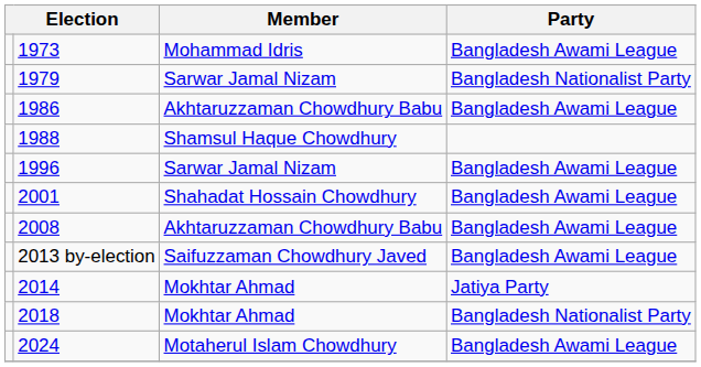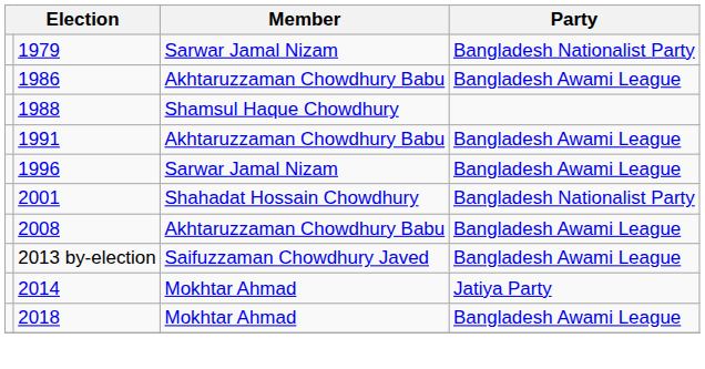 <table class="wikitable">
 <tr>
 <th colspan="2">Election</th>
 <th>Member</th>
 <th>Party</th>
-</tr>
-<tr>
-<td style="background-color:"></td>
-<td><a href='#'>1973</a></td>
-<td><a href='#'>Mohammad Idris</a></td>
-<td><a href='#'>Bangladesh Awami League</a></td>
 </tr>
 <tr>
 <td style="background-color:"></td>
 <td><a href='#'>1979</a></td>
 <td><a href='#'>Sarwar Jamal Nizam</a></td>
 <td><a href='#'>Bangladesh Nationalist Party</a></td>
 </tr>
 <tr>
 <td style="background-color:"></td>
 <td><a href='#'>1986</a></td>
 <td><a href='#'>Akhtaruzzaman Chowdhury Babu</a></td>
 <td><a href='#'>Bangladesh Awami League</a></td>
 </tr>
 <tr>
 <td></td>
 <td><a href='#'>1988</a></td>
 <td><a href='#'>Shamsul Haque Chowdhury</a></td>
 <td></td>
 </tr>
 <tr>
 <td style="background-color:"></td>
+<td><a href='#'>1991</a></td>
+<td><a href='#'>Akhtaruzzaman Chowdhury Babu</a></td>
+<td><a href='#'>Bangladesh Awami League</a></td>
+</tr>
+<tr>
+<td style="background-color:"></td>
 <td><a href='#'>1996</a></td>
 <td><a href='#'>Sarwar Jamal Nizam</a></td>
 <td><a href='#'>Bangladesh Awami League</a></td>
 </tr>
 <tr>
 <td style="background-color:"></td>
 <td><a href='#'>2001</a></td>
 <td><a href='#'>Shahadat Hossain Chowdhury</a></td>
-<td><a href='#'>Bangladesh Awami League</a></td>
+<td><a href='#'>Bangladesh Nationalist Party</a></td>
 </tr>
 <tr>
 <td style="background-color:"></td>
 <td><a href='#'>2008</a></td>
 <td><a href='#'>Akhtaruzzaman Chowdhury Babu</a></td>
 <td><a href='#'>Bangladesh Awami League</a></td>
 </tr>
 <tr>
 <td style="background-color:"></td>
 <td>2013 by-election</td>
 <td><a href='#'>Saifuzzaman Chowdhury Javed</a></td>
 <td><a href='#'>Bangladesh Awami League</a></td>
 </tr>
 <tr>
 <td style="background-color:"></td>
 <td><a href='#'>2014</a></td>
 <td><a href='#'>Mokhtar Ahmad</a></td>
 <td><a href='#'>Jatiya Party</a></td>
 </tr>
 <tr>
 <td style="background-color:"></td>
 <td><a href='#'>2018</a></td>
 <td><a href='#'>Mokhtar Ahmad</a></td>
-<td><a href='#'>Bangladesh Nationalist Party</a></td>
-</tr>
-<tr>
-<td style="background-color:"></td>
-<td><a href='#'>2024</a></td>
-<td><a href='#'>Motaherul Islam Chowdhury</a></td>
 <td><a href='#'>Bangladesh Awami League</a></td>
 </tr>
 <tr>
 </tr>
 </table>
